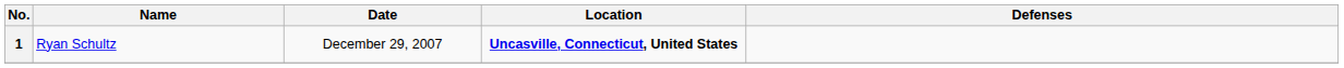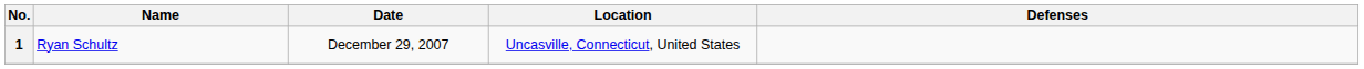 <table class="wikitable" width="99%" style="text-align:center;">
 <tr>
 <th width=1%>No.</th>
 <th width=19%>Name</th>
 <th width=15%>Date</th>
 <th width=20%>Location</th>
 <th width=45%>Defenses</th>
 </tr>
 <tr>
 <th>1</th>
 <td align="left"> <a href='#'>Ryan Schultz</a><br></td>
 <td>December 29, 2007</td>
-<td><strong><a href='#'>Uncasville, Connecticut</a>, United States</strong></td>
+<td><a href='#'>Uncasville, Connecticut</a>, United States</td>
 <td align="left"><br><br> </td>
 </tr>
 <tr>
 </tr>
 </table>
